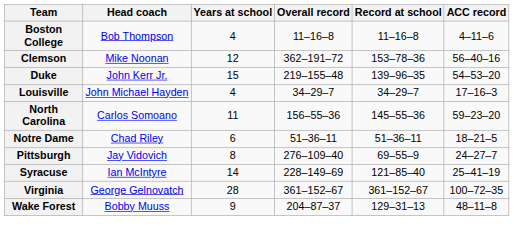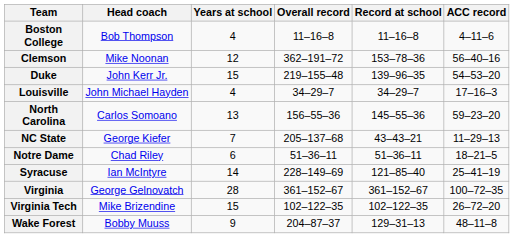 <table class="wikitable sortable" style="text-align: center;">
 <tr>
 <th width="110">Team</th>
 <th>Head coach</th>
 <th>Years at school</th>
 <th>Overall record</th>
 <th>Record at school</th>
 <th>ACC record</th>
 </tr>
 <tr>
 <th>Boston College</th>
 <td><a href='#'>Bob Thompson</a></td>
 <td>4</td>
 <td>11–16–8</td>
 <td>11–16–8</td>
 <td>4–11–6</td>
 </tr>
 <tr>
 <th>Clemson</th>
 <td><a href='#'>Mike Noonan</a></td>
 <td>12</td>
 <td>362–191–72</td>
 <td>153–78–36</td>
 <td>56–40–16</td>
 </tr>
 <tr>
 <th>Duke</th>
 <td><a href='#'>John Kerr Jr.</a></td>
 <td>15</td>
 <td>219–155–48</td>
 <td>139–96–35</td>
 <td>54–53–20</td>
 </tr>
 <tr>
 <th>Louisville</th>
 <td><a href='#'>John Michael Hayden</a></td>
 <td>4</td>
 <td>34–29–7</td>
 <td>34–29–7</td>
 <td>17–16–3</td>
 </tr>
 <tr>
 <th>North Carolina</th>
 <td><a href='#'>Carlos Somoano</a></td>
-<td>11</td>
+<td>13</td>
 <td>156–55–36</td>
 <td>145–55–36</td>
 <td>59–23–20</td>
+</tr>
+<tr>
+<th>NC State</th>
+<td><a href='#'>George Kiefer</a></td>
+<td>7</td>
+<td>205–137–68</td>
+<td>43–43–21</td>
+<td>11–29–13</td>
 </tr>
 <tr>
 <th>Notre Dame</th>
 <td><a href='#'>Chad Riley</a></td>
 <td>6</td>
 <td>51–36–11</td>
 <td>51–36–11</td>
 <td>18–21–5</td>
-</tr>
-<tr>
-<th>Pittsburgh</th>
-<td><a href='#'>Jay Vidovich</a></td>
-<td>8</td>
-<td>276–109–40</td>
-<td>69–55–9</td>
-<td>24–27–7</td>
 </tr>
 <tr>
 <th>Syracuse</th>
 <td><a href='#'>Ian McIntyre</a></td>
 <td>14</td>
 <td>228–149–69</td>
 <td>121–85–40</td>
 <td>25–41–19</td>
 </tr>
 <tr>
 <th>Virginia</th>
 <td><a href='#'>George Gelnovatch</a></td>
 <td>28</td>
 <td>361–152–67</td>
 <td>361–152–67</td>
 <td>100–72–35</td>
 </tr>
 <tr>
+<th>Virginia Tech</th>
+<td><a href='#'>Mike Brizendine</a></td>
+<td>15</td>
+<td>102–122–35</td>
+<td>102–122–35</td>
+<td>26–72–20</td>
+</tr>
+<tr>
 <th>Wake Forest</th>
 <td><a href='#'>Bobby Muuss</a></td>
 <td>9</td>
 <td>204–87–37</td>
 <td>129–31–13</td>
 <td>48–11–8</td>
 </tr>
 </table>
